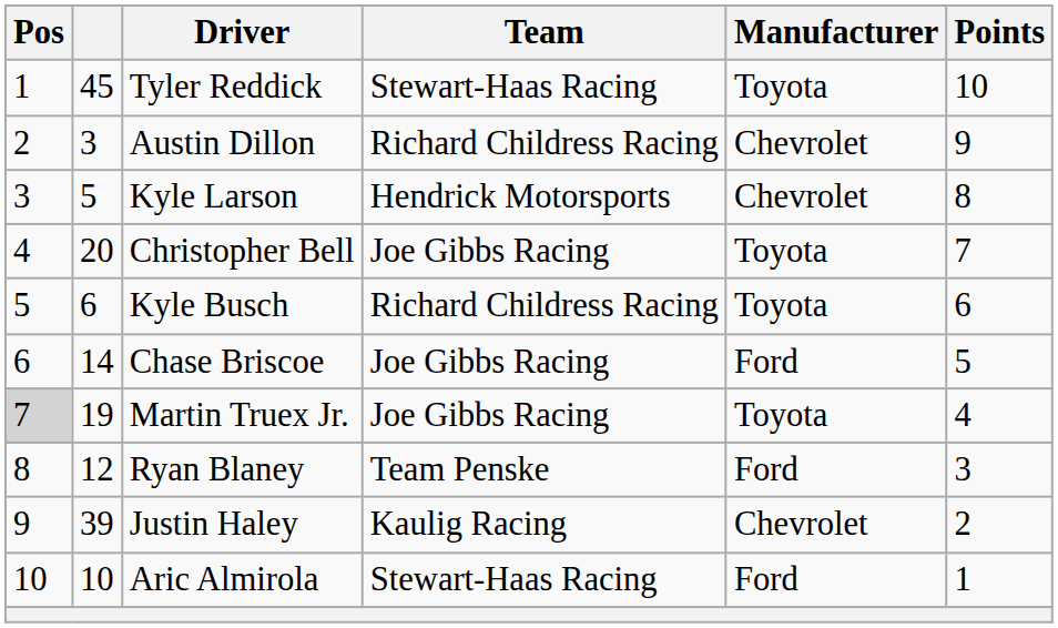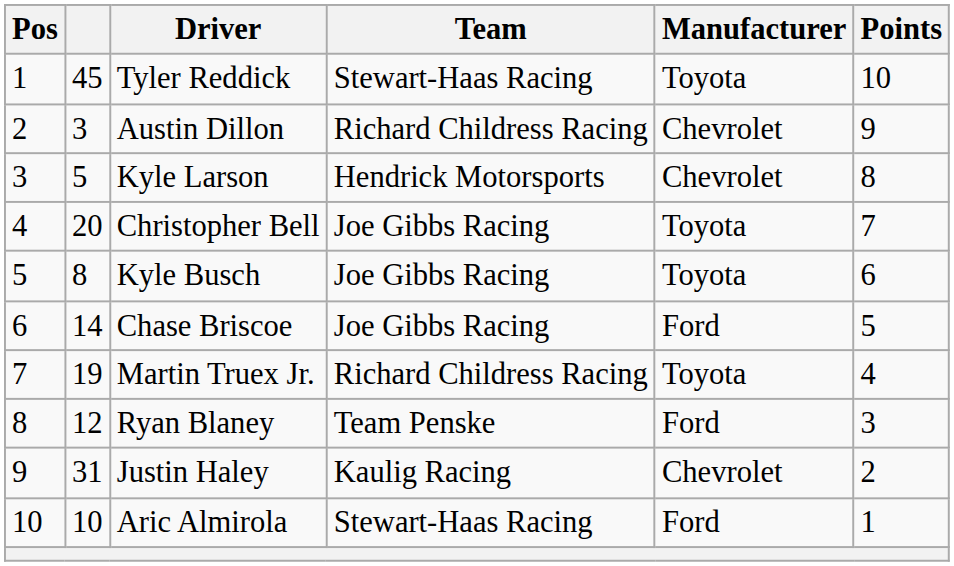 <table class="wikitable" style="font-size:98%">
 <tr>
 <th>Pos</th>
 <th></th>
 <th>Driver</th>
 <th>Team</th>
 <th>Manufacturer</th>
 <th>Points</th>
 </tr>
 <tr>
 <td>1</td>
 <td>45</td>
 <td>Tyler Reddick</td>
 <td>Stewart-Haas Racing</td>
 <td>Toyota</td>
 <td>10</td>
 </tr>
 <tr>
 <td>2</td>
 <td>3</td>
 <td>Austin Dillon</td>
 <td>Richard Childress Racing</td>
 <td>Chevrolet</td>
 <td>9</td>
 </tr>
 <tr>
 <td>3</td>
 <td>5</td>
 <td>Kyle Larson</td>
 <td>Hendrick Motorsports</td>
 <td>Chevrolet</td>
 <td>8</td>
 </tr>
 <tr>
 <td>4</td>
 <td>20</td>
 <td>Christopher Bell</td>
 <td>Joe Gibbs Racing</td>
 <td>Toyota</td>
 <td>7</td>
 </tr>
 <tr>
 <td>5</td>
-<td>6</td>
+<td>8</td>
 <td>Kyle Busch</td>
-<td>Richard Childress Racing</td>
+<td>Joe Gibbs Racing</td>
 <td>Toyota</td>
 <td>6</td>
 </tr>
 <tr>
 <td>6</td>
 <td>14</td>
 <td>Chase Briscoe</td>
 <td>Joe Gibbs Racing</td>
 <td>Ford</td>
 <td>5</td>
 </tr>
 <tr>
-<td style="background: lightgrey;">7</td>
+<td>7</td>
 <td>19</td>
 <td>Martin Truex Jr.</td>
-<td>Joe Gibbs Racing</td>
+<td>Richard Childress Racing</td>
 <td>Toyota</td>
 <td>4</td>
 </tr>
 <tr>
 <td>8</td>
 <td>12</td>
 <td>Ryan Blaney</td>
 <td>Team Penske</td>
 <td>Ford</td>
 <td>3</td>
 </tr>
 <tr>
 <td>9</td>
-<td>39</td>
+<td>31</td>
 <td>Justin Haley</td>
 <td>Kaulig Racing</td>
 <td>Chevrolet</td>
 <td>2</td>
 </tr>
 <tr>
 <td>10</td>
 <td>10</td>
 <td>Aric Almirola</td>
 <td>Stewart-Haas Racing</td>
 <td>Ford</td>
 <td>1</td>
 </tr>
 <tr>
 <th colspan="6"></th>
 </tr>
 </table>
